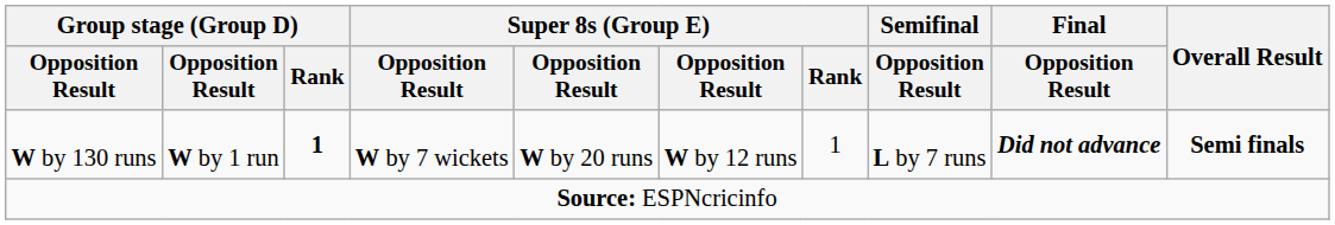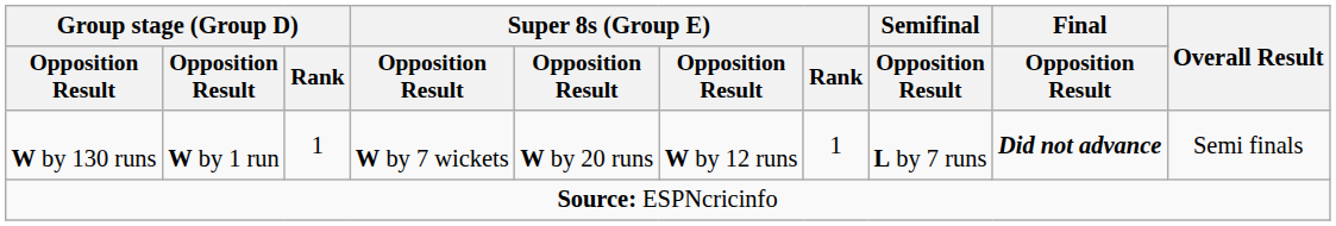 <table class=wikitable style=font-size:90%;text-align:center>
 <tr>
 <th colspan=3>Group stage (Group D)</th>
 <th colspan=4>Super 8s (Group E)</th>
 <th>Semifinal</th>
 <th>Final</th>
 <th rowspan=2>Overall Result</th>
 </tr>
 <tr style=font-size:95%>
 <th>Opposition<br>Result</th>
 <th>Opposition<br>Result</th>
 <th>Rank</th>
 <th>Opposition<br>Result</th>
 <th>Opposition<br>Result</th>
 <th>Opposition<br>Result</th>
 <th>Rank</th>
 <th>Opposition<br>Result</th>
 <th>Opposition<br>Result</th>
 </tr>
 <tr>
 <td><br><strong>W</strong> by 130 runs</td>
 <td><br><strong>W</strong> by 1 run</td>
-<td><strong>1</strong></td>
+<td>1</td>
 <td><br><strong>W</strong> by 7 wickets</td>
 <td><br><strong>W</strong> by 20 runs</td>
 <td><br><strong>W</strong> by 12 runs</td>
 <td>1</td>
 <td><br><strong>L</strong> by 7 runs</td>
 <td><strong><em>Did not advance</em></strong></td>
-<td><strong>Semi finals</strong></td>
+<td>Semi finals</td>
 </tr>
 <tr>
 <td colspan="11"><strong>Source:</strong> ESPNcricinfo</td>
 </tr>
 </table>
